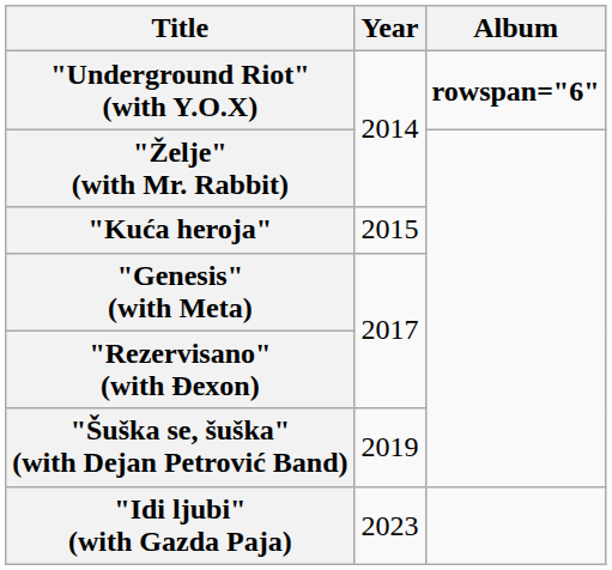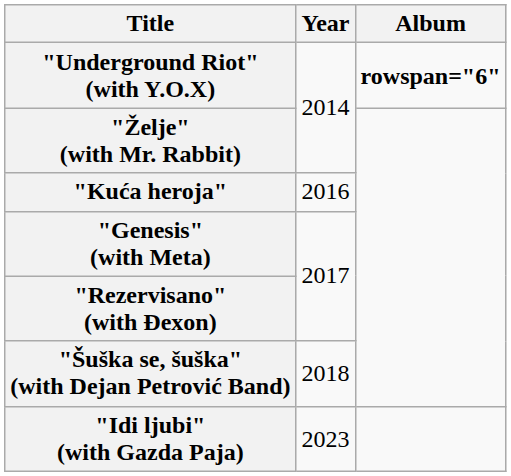 <table class="wikitable plainrowheaders" style="text-align:center;">
 <tr>
 <th scope="col">Title</th>
 <th scope="col">Year</th>
 <th scope="col">Album</th>
 </tr>
 <tr>
 <th scope="row">"Underground Riot"<br><span>(with Y.O.X)</span></th>
 <td rowspan="2">2014</td>
 <td><strong>rowspan="6" </strong></td>
 </tr>
 <tr>
 <th scope="row">"Želje"<br><span>(with Mr. Rabbit)</span></th>
 </tr>
 <tr>
 <th scope="row">"Kuća heroja"<br></th>
-<td>2015</td>
+<td>2016</td>
 </tr>
 <tr>
 <th scope="row">"Genesis"<br><span>(with Meta)</span></th>
 <td rowspan="2">2017</td>
 </tr>
 <tr>
 <th scope="row">"Rezervisano"<br><span>(with Đexon)</span></th>
 </tr>
 <tr>
 <th scope="row">"Šuška se, šuška"<br><span>(with Dejan Petrović Band)</span></th>
-<td>2019</td>
+<td>2018</td>
 </tr>
 <tr>
 <th scope="row">"Idi ljubi"<br><span>(with Gazda Paja)</span></th>
 <td>2023</td>
 <td></td>
 </tr>
 </table>
